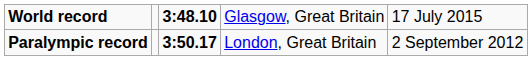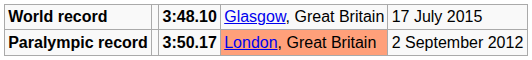 <table class="wikitable">
 <tr>
 <td><strong>World record</strong></td>
 <td></td>
 <td><strong>3:48.10</strong></td>
 <td><a href='#'>Glasgow</a>, Great Britain</td>
 <td>17 July 2015</td>
 </tr>
 <tr>
 <td><strong>Paralympic record</strong></td>
 <td></td>
 <td><strong>3:50.17</strong></td>
-<td><a href='#'>London</a>, Great Britain</td>
+<td style="background: lightsalmon;"><a href='#'>London</a>, Great Britain</td>
 <td>2 September 2012</td>
 </tr>
 </table>
